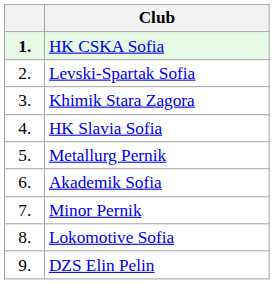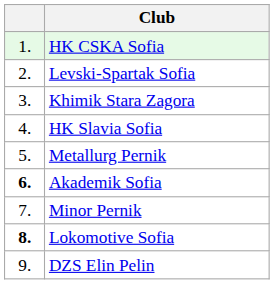 <table class="wikitable">
 <tr>
 <th width="30"></th>
 <th width="200">Club</th>
 </tr>
 <tr bgcolor="#e6fae6" align="center">
-<td><strong>1.</strong></td>
+<td>1.</td>
 <td align="left"><a href='#'>HK CSKA Sofia</a></td>
 </tr>
 <tr bgcolor="#FFFFFF" align="center">
 <td>2.</td>
 <td align="left"><a href='#'>Levski-Spartak Sofia</a></td>
 </tr>
 <tr bgcolor="#FFFFFF" align="center">
 <td>3.</td>
 <td align="left"><a href='#'>Khimik Stara Zagora</a></td>
 </tr>
 <tr bgcolor="#FFFFFF" align="center">
 <td>4.</td>
 <td align="left"><a href='#'>HK Slavia Sofia</a></td>
 </tr>
 <tr bgcolor="#FFFFFF" align="center">
 <td>5.</td>
 <td align="left"><a href='#'>Metallurg Pernik</a></td>
 </tr>
 <tr bgcolor="#FFFFFF" align="center">
-<td>6.</td>
+<td><strong>6.</strong></td>
 <td align="left"><a href='#'>Akademik Sofia</a></td>
 </tr>
 <tr bgcolor="#FFFFFF" align="center">
 <td>7.</td>
 <td align="left"><a href='#'>Minor Pernik</a></td>
 </tr>
 <tr bgcolor="#FFFFFF" align="center">
-<td>8.</td>
+<td><strong>8.</strong></td>
 <td align="left"><a href='#'>Lokomotive Sofia</a></td>
 </tr>
 <tr bgcolor="#FFFFFF" align="center">
 <td>9.</td>
 <td align="left"><a href='#'>DZS Elin Pelin</a></td>
 </tr>
 </table>
